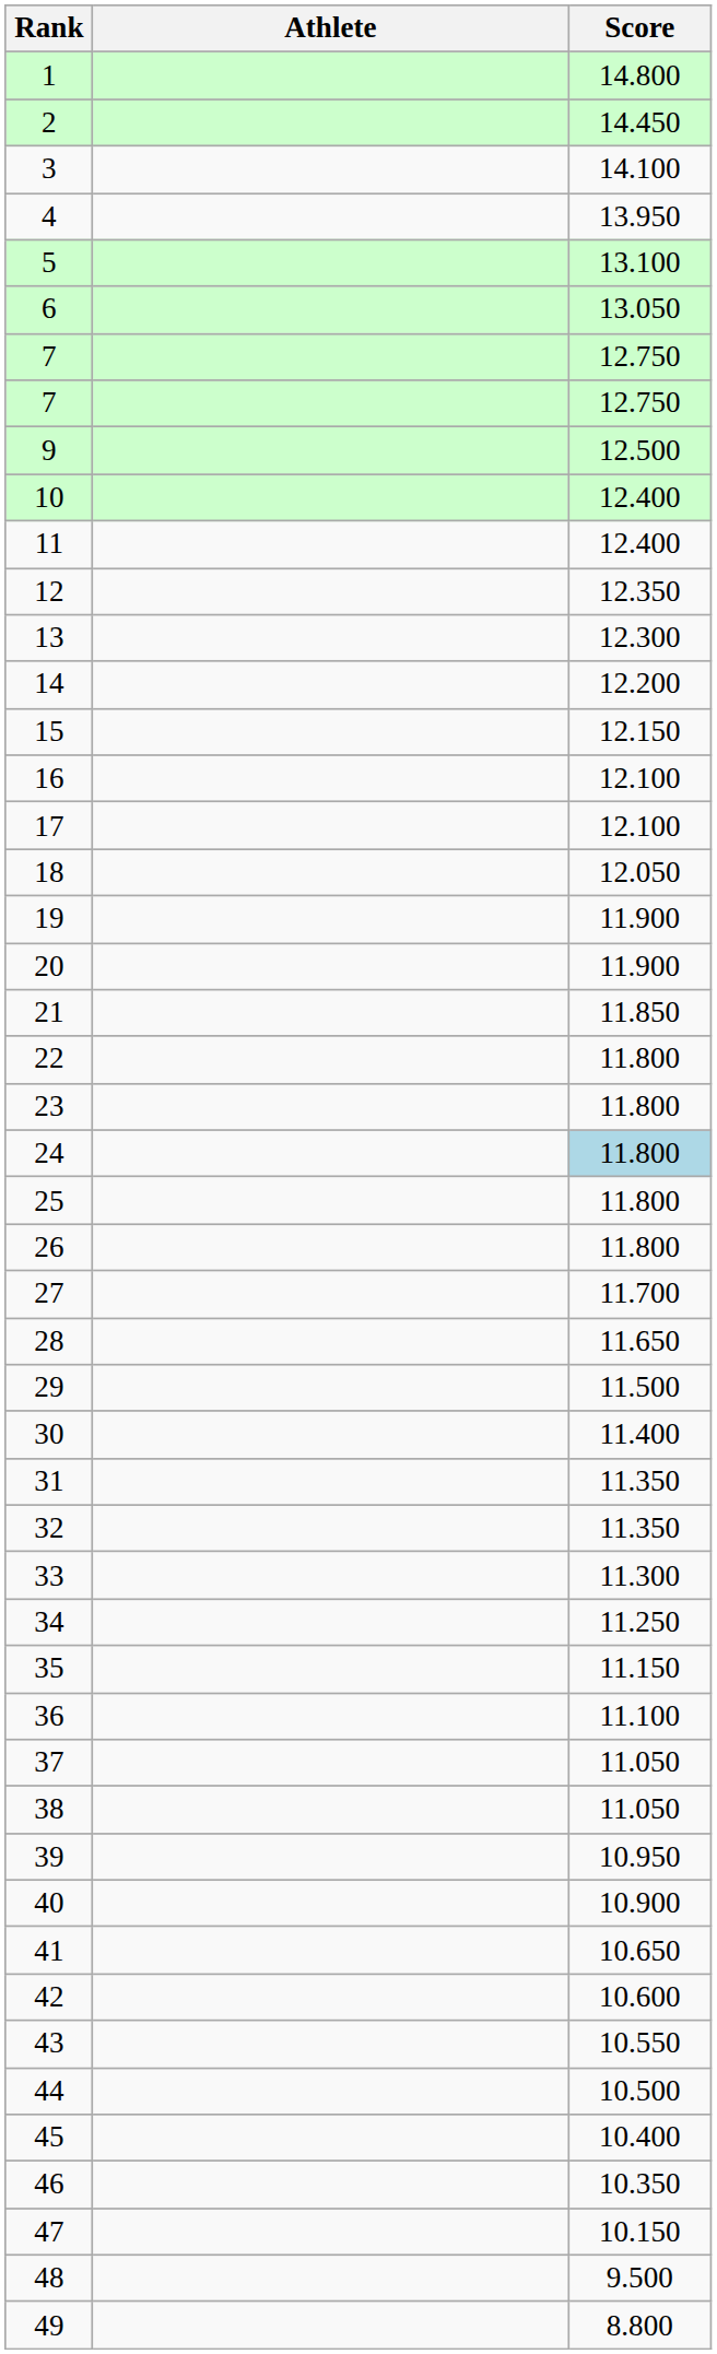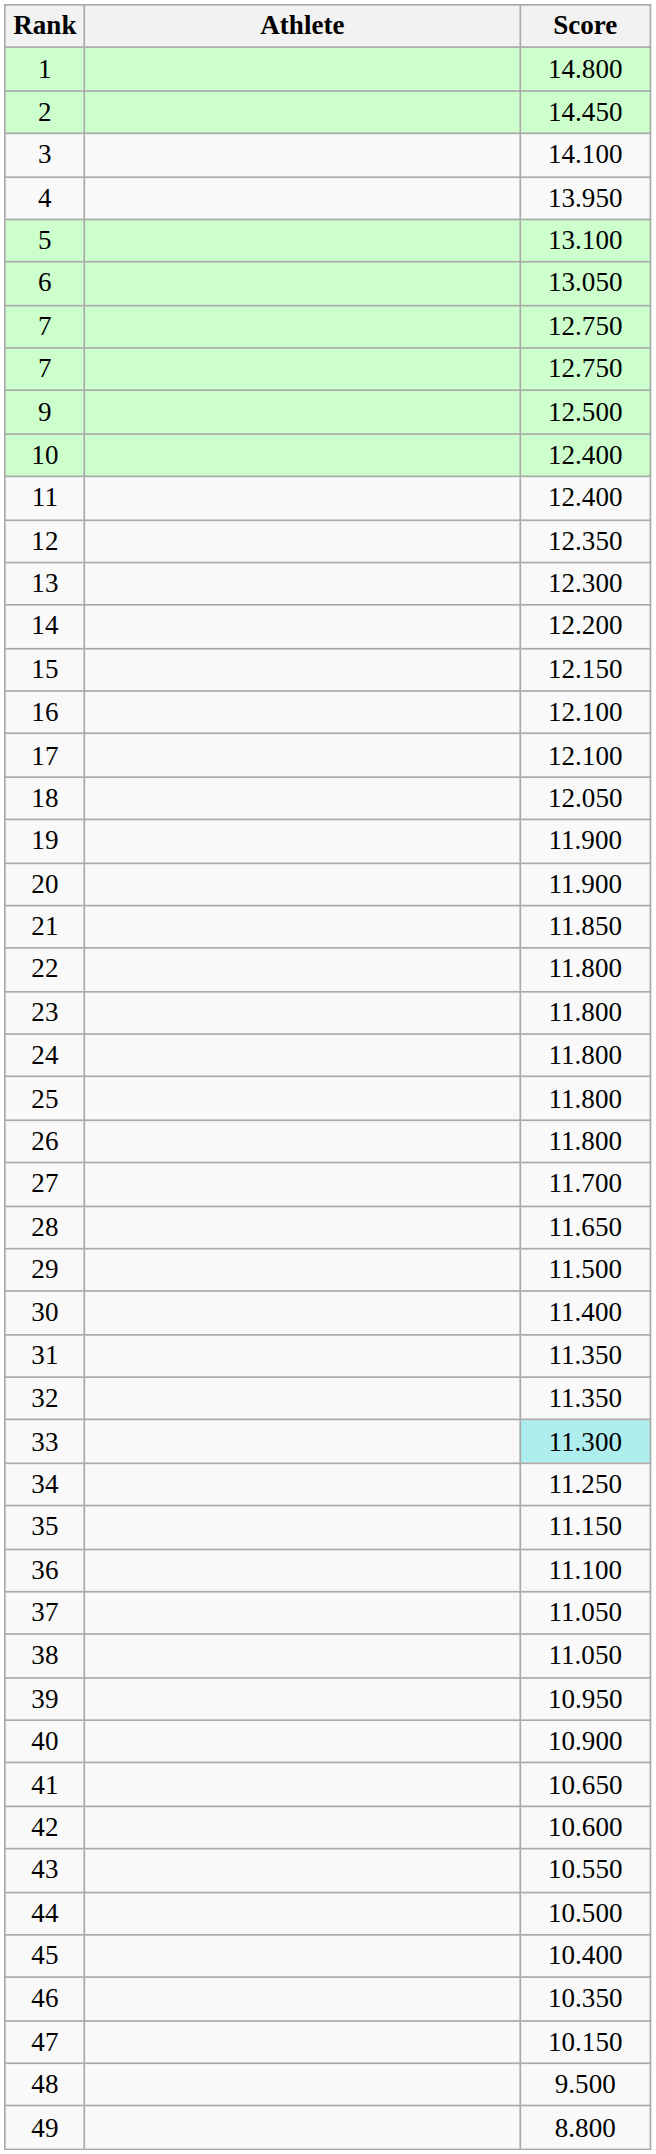 <table class=wikitable style="text-align:center">
 <tr>
 <th width=40>Rank</th>
 <th width=250>Athlete</th>
 <th width=70>Score</th>
 </tr>
 <tr bgcolor="ccffcc">
 <td>1</td>
 <td align=left></td>
 <td>14.800</td>
 </tr>
 <tr bgcolor="ccffcc">
 <td>2</td>
 <td align=left></td>
 <td>14.450</td>
 </tr>
 <tr>
 <td>3</td>
 <td align=left></td>
 <td>14.100</td>
 </tr>
 <tr>
 <td>4</td>
 <td align=left></td>
 <td>13.950</td>
 </tr>
 <tr bgcolor="ccffcc">
 <td>5</td>
 <td align=left></td>
 <td>13.100</td>
 </tr>
 <tr bgcolor="ccffcc">
 <td>6</td>
 <td align=left></td>
 <td>13.050</td>
 </tr>
 <tr bgcolor="ccffcc">
 <td>7</td>
 <td align=left></td>
 <td>12.750</td>
 </tr>
 <tr bgcolor="ccffcc">
 <td>7</td>
 <td align=left></td>
 <td>12.750</td>
 </tr>
 <tr bgcolor="ccffcc">
 <td>9</td>
 <td align=left></td>
 <td>12.500</td>
 </tr>
 <tr bgcolor="ccffcc">
 <td>10</td>
 <td align=left></td>
 <td>12.400</td>
 </tr>
 <tr>
 <td>11</td>
 <td align=left></td>
 <td>12.400</td>
 </tr>
 <tr>
 <td>12</td>
 <td align=left></td>
 <td>12.350</td>
 </tr>
 <tr>
 <td>13</td>
 <td align=left></td>
 <td>12.300</td>
 </tr>
 <tr>
 <td>14</td>
 <td align=left></td>
 <td>12.200</td>
 </tr>
 <tr>
 <td>15</td>
 <td align=left></td>
 <td>12.150</td>
 </tr>
 <tr>
 <td>16</td>
 <td align=left></td>
 <td>12.100</td>
 </tr>
 <tr>
 <td>17</td>
 <td align=left></td>
 <td>12.100</td>
 </tr>
 <tr>
 <td>18</td>
 <td align=left></td>
 <td>12.050</td>
 </tr>
 <tr>
 <td>19</td>
 <td align=left></td>
 <td>11.900</td>
 </tr>
 <tr>
 <td>20</td>
 <td align=left></td>
 <td>11.900</td>
 </tr>
 <tr>
 <td>21</td>
 <td align=left></td>
 <td>11.850</td>
 </tr>
 <tr>
 <td>22</td>
 <td align=left></td>
 <td>11.800</td>
 </tr>
 <tr>
 <td>23</td>
 <td align=left></td>
 <td>11.800</td>
 </tr>
 <tr>
 <td>24</td>
 <td align=left></td>
-<td style="background: lightblue;">11.800</td>
+<td>11.800</td>
 </tr>
 <tr>
 <td>25</td>
 <td align=left></td>
 <td>11.800</td>
 </tr>
 <tr>
 <td>26</td>
 <td align=left></td>
 <td>11.800</td>
 </tr>
 <tr>
 <td>27</td>
 <td align=left></td>
 <td>11.700</td>
 </tr>
 <tr>
 <td>28</td>
 <td align=left></td>
 <td>11.650</td>
 </tr>
 <tr>
 <td>29</td>
 <td align=left></td>
 <td>11.500</td>
 </tr>
 <tr>
 <td>30</td>
 <td align=left></td>
 <td>11.400</td>
 </tr>
 <tr>
 <td>31</td>
 <td align=left></td>
 <td>11.350</td>
 </tr>
 <tr>
 <td>32</td>
 <td align=left></td>
 <td>11.350</td>
 </tr>
 <tr>
 <td>33</td>
 <td align=left></td>
-<td>11.300</td>
+<td style="background: paleturquoise;">11.300</td>
 </tr>
 <tr>
 <td>34</td>
 <td align=left></td>
 <td>11.250</td>
 </tr>
 <tr>
 <td>35</td>
 <td align=left></td>
 <td>11.150</td>
 </tr>
 <tr>
 <td>36</td>
 <td align=left></td>
 <td>11.100</td>
 </tr>
 <tr>
 <td>37</td>
 <td align=left></td>
 <td>11.050</td>
 </tr>
 <tr>
 <td>38</td>
 <td align=left></td>
 <td>11.050</td>
 </tr>
 <tr>
 <td>39</td>
 <td align=left></td>
 <td>10.950</td>
 </tr>
 <tr>
 <td>40</td>
 <td align=left></td>
 <td>10.900</td>
 </tr>
 <tr>
 <td>41</td>
 <td align=left></td>
 <td>10.650</td>
 </tr>
 <tr>
 <td>42</td>
 <td align=left></td>
 <td>10.600</td>
 </tr>
 <tr>
 <td>43</td>
 <td align=left></td>
 <td>10.550</td>
 </tr>
 <tr>
 <td>44</td>
 <td align=left></td>
 <td>10.500</td>
 </tr>
 <tr>
 <td>45</td>
 <td align=left></td>
 <td>10.400</td>
 </tr>
 <tr>
 <td>46</td>
 <td align=left></td>
 <td>10.350</td>
 </tr>
 <tr>
 <td>47</td>
 <td align=left></td>
 <td>10.150</td>
 </tr>
 <tr>
 <td>48</td>
 <td align=left></td>
 <td>9.500</td>
 </tr>
 <tr>
 <td>49</td>
 <td align=left></td>
 <td>8.800</td>
 </tr>
 </table>
